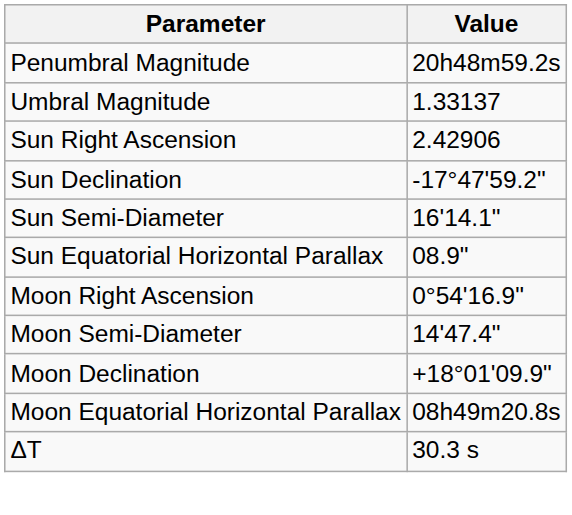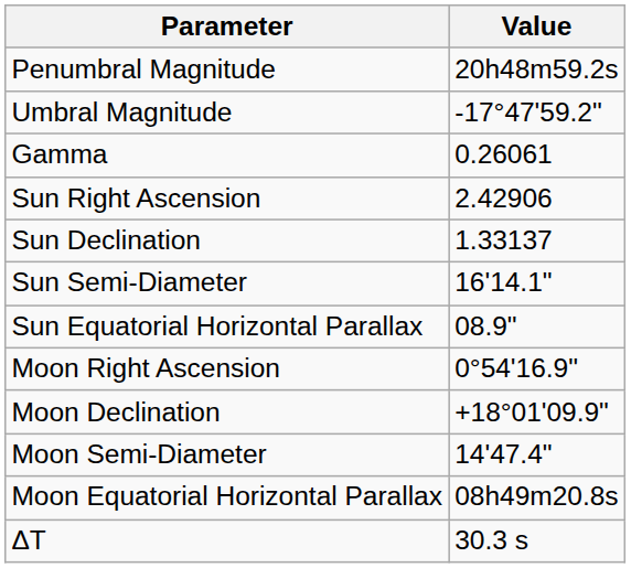 <table class="wikitable">
 <tr>
 <th>Parameter</th>
 <th>Value</th>
 </tr>
 <tr>
 <td>Penumbral Magnitude</td>
 <td>20h48m59.2s</td>
 </tr>
 <tr>
 <td>Umbral Magnitude</td>
-<td>1.33137</td>
+<td>-17°47'59.2"</td>
+</tr>
+<tr>
+<td>Gamma</td>
+<td>0.26061</td>
 </tr>
 <tr>
 <td>Sun Right Ascension</td>
 <td>2.42906</td>
 </tr>
 <tr>
 <td>Sun Declination</td>
-<td>-17°47'59.2"</td>
+<td>1.33137</td>
 </tr>
 <tr>
 <td>Sun Semi-Diameter</td>
 <td>16'14.1"</td>
 </tr>
 <tr>
 <td>Sun Equatorial Horizontal Parallax</td>
 <td>08.9"</td>
 </tr>
 <tr>
 <td>Moon Right Ascension</td>
 <td>0°54'16.9"</td>
 </tr>
 <tr>
+<td>Moon Declination</td>
+<td>+18°01'09.9"</td>
+</tr>
+<tr>
 <td>Moon Semi-Diameter</td>
 <td>14'47.4"</td>
-</tr>
-<tr>
-<td>Moon Declination</td>
-<td>+18°01'09.9"</td>
 </tr>
 <tr>
 <td>Moon Equatorial Horizontal Parallax</td>
 <td>08h49m20.8s</td>
 </tr>
 <tr>
 <td>ΔT</td>
 <td>30.3 s</td>
 </tr>
 </table>
